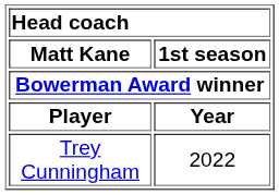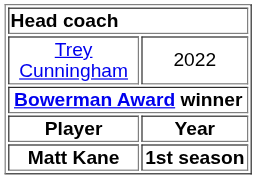 <table style="float: right;" border="1">
 <tr>
 <td colspan="2"><strong>Head coach</strong></td>
 </tr>
 <tr align=center>
-<td><strong>Matt Kane</strong></td>
-<td><strong>1st season</strong></td>
+<td><a href='#'>Trey Cunningham</a></td>
+<td>2022</td>
 </tr>
 <tr>
 <th colspan="2"><strong><a href='#'>Bowerman Award</a> winner</strong></th>
 </tr>
 <tr>
 <th style="width:105px; ">Player</th>
 <th style="width:85px; ">Year</th>
 </tr>
 <tr align=center>
-<td><a href='#'>Trey Cunningham</a></td>
-<td>2022</td>
+<td><strong>Matt Kane</strong></td>
+<td><strong>1st season</strong></td>
 </tr>
 </table>
